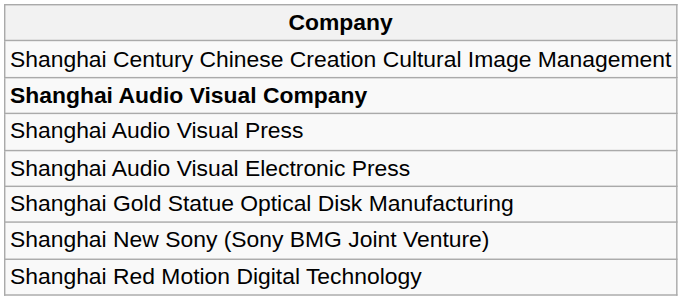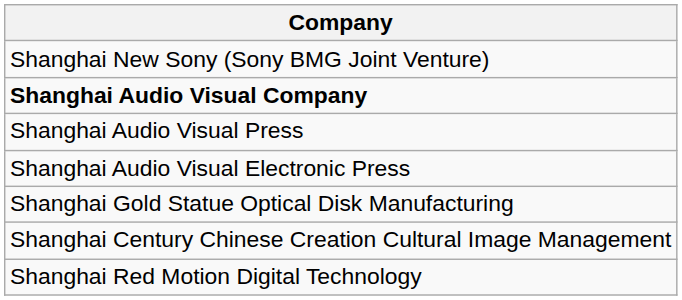 <table class="wikitable">
 <tr>
 <th>Company</th>
 </tr>
 <tr>
-<td>Shanghai Century Chinese Creation Cultural Image Management</td>
+<td>Shanghai New Sony (Sony BMG Joint Venture)</td>
 </tr>
 <tr>
 <td><strong>Shanghai Audio Visual Company</strong></td>
 </tr>
 <tr>
 <td>Shanghai Audio Visual Press</td>
 </tr>
 <tr>
 <td>Shanghai Audio Visual Electronic Press</td>
 </tr>
 <tr>
 <td>Shanghai Gold Statue Optical Disk Manufacturing</td>
 </tr>
 <tr>
-<td>Shanghai New Sony (Sony BMG Joint Venture)</td>
+<td>Shanghai Century Chinese Creation Cultural Image Management</td>
 </tr>
 <tr>
 <td>Shanghai Red Motion Digital Technology</td>
 </tr>
 </table>
